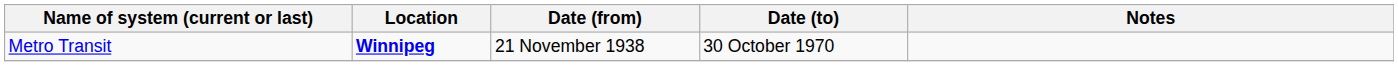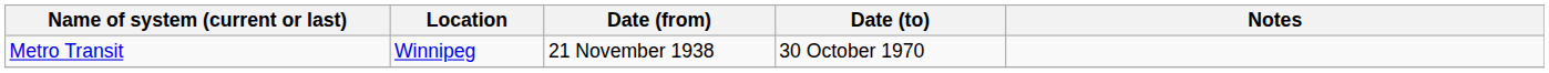 <table class="wikitable" width=100%>
 <tr>
 <th width=25%>Name of system (current or last)</th>
 <th width=00%>Location</th>
 <th width=15%>Date (from)</th>
 <th width=15%>Date (to)</th>
 <th width=35%>Notes</th>
 </tr>
 <tr>
 <td><a href='#'>Metro Transit</a></td>
-<td><strong><a href='#'>Winnipeg</a></strong></td>
+<td><a href='#'>Winnipeg</a></td>
 <td>21 November 1938 </td>
 <td>30 October 1970 </td>
 <td> </td>
 </tr>
 <tr>
 </tr>
 </table>
